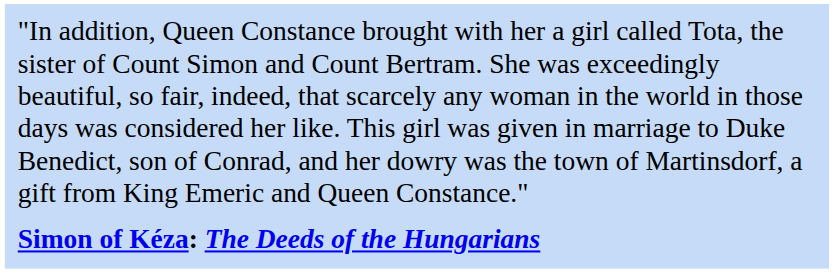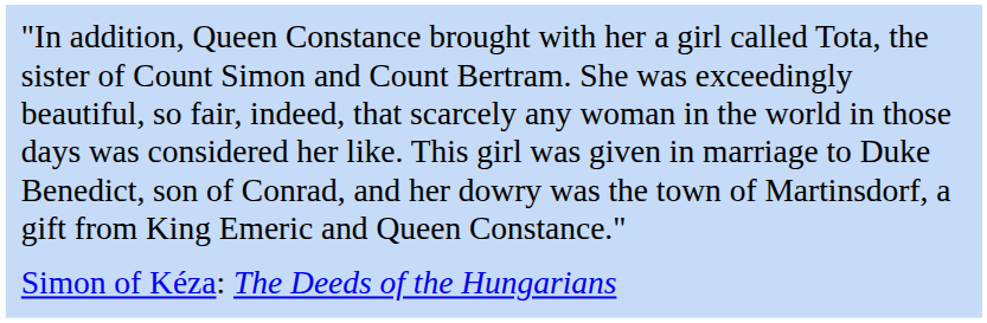 <table class="toccolours" style="float: right; margin-left: 2em; margin-right: 1em; font-size: 85%; background:#c6dbf7; color:black; width:30em; max-width: 40%;" cellspacing="5">
 <tr>
 <td style="text-align: left;">"In addition, Queen Constance brought with her a girl called Tota, the sister of Count Simon and Count Bertram. She was exceedingly beautiful, so fair, indeed, that scarcely any woman in the world in those days was considered her like. This girl was given in marriage to Duke Benedict, son of Conrad, and her dowry was the town of Martinsdorf, a gift from King Emeric and Queen Constance."</td>
 </tr>
 <tr>
-<td style="text-align: left;"><strong><a href='#'>Simon of Kéza</a>: <em><a href='#'>The Deeds of the Hungarians</a></em></strong></td>
+<td style="text-align: left;"><a href='#'>Simon of Kéza</a>: <em><a href='#'>The Deeds of the Hungarians</a></em></td>
 </tr>
 </table>
